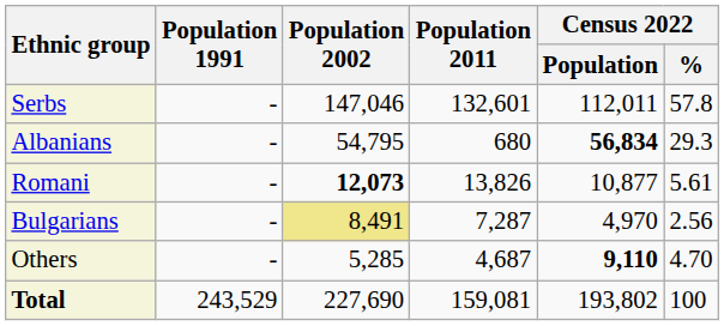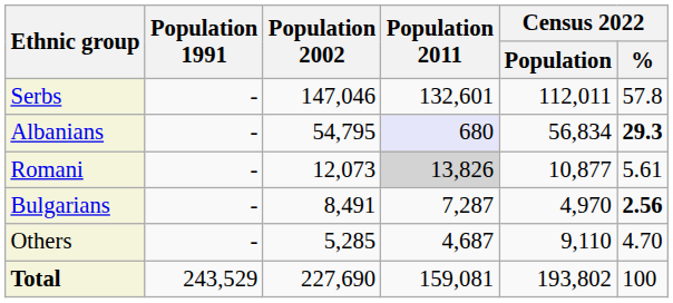 <table class="wikitable sortable">
 <tr>
 <th rowspan="2">Ethnic group</th>
 <th rowspan="2">Population<br>1991</th>
 <th rowspan="2">Population<br>2002</th>
 <th rowspan="2">Population<br>2011</th>
 <th colspan="2">Census 2022</th>
 </tr>
 <tr>
 <th>Population</th>
 <th>%</th>
 </tr>
 <tr>
 <td style="background:#F5F5DC;"><a href='#'>Serbs</a></td>
 <td align="right">-</td>
 <td align="right">147,046</td>
 <td align="right">132,601</td>
 <td align="right">112,011</td>
 <td>57.8</td>
 </tr>
 <tr>
 <td style="background:#F5F5DC;"><a href='#'>Albanians</a></td>
 <td align="right">-</td>
 <td align="right">54,795</td>
-<td align="right">680</td>
-<td align="right"><strong>56,834</strong></td>
-<td>29.3</td>
+<td align="right" style="background: lavender;">680</td>
+<td align="right">56,834</td>
+<td><strong>29.3</strong></td>
 </tr>
 <tr>
 <td style="background:#F5F5DC;"><a href='#'>Romani</a></td>
 <td align="right">-</td>
-<td align="right"><strong>12,073</strong></td>
-<td align="right">13,826</td>
+<td align="right">12,073</td>
+<td align="right" style="background: lightgrey;">13,826</td>
 <td align="right">10,877</td>
 <td>5.61</td>
 </tr>
 <tr>
 <td style="background:#F5F5DC;"><a href='#'>Bulgarians</a></td>
 <td align="right">-</td>
-<td align="right" style="background: khaki;">8,491</td>
+<td align="right">8,491</td>
 <td align="right">7,287</td>
 <td align="right">4,970</td>
-<td>2.56</td>
+<td><strong>2.56</strong></td>
 </tr>
 <tr>
 <td style="background:#F5F5DC;">Others</td>
 <td align="right">-</td>
 <td align="right">5,285</td>
 <td align="right">4,687</td>
-<td align="right"><strong>9,110</strong></td>
+<td align="right">9,110</td>
 <td>4.70</td>
 </tr>
 <tr>
 <td style="background:#F5F5DC;"><strong>Total</strong></td>
 <td align="right">243,529</td>
 <td align="right">227,690</td>
 <td align="right">159,081</td>
 <td align="right">193,802</td>
 <td>100</td>
 </tr>
 </table>
